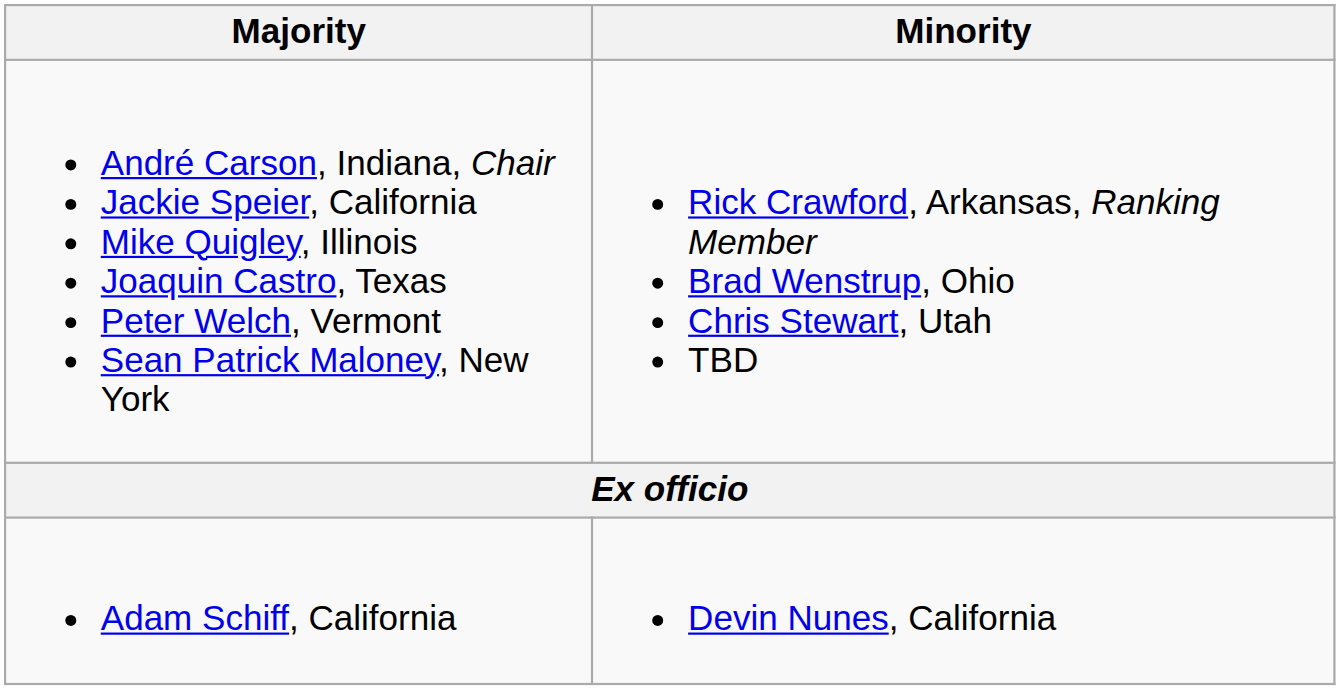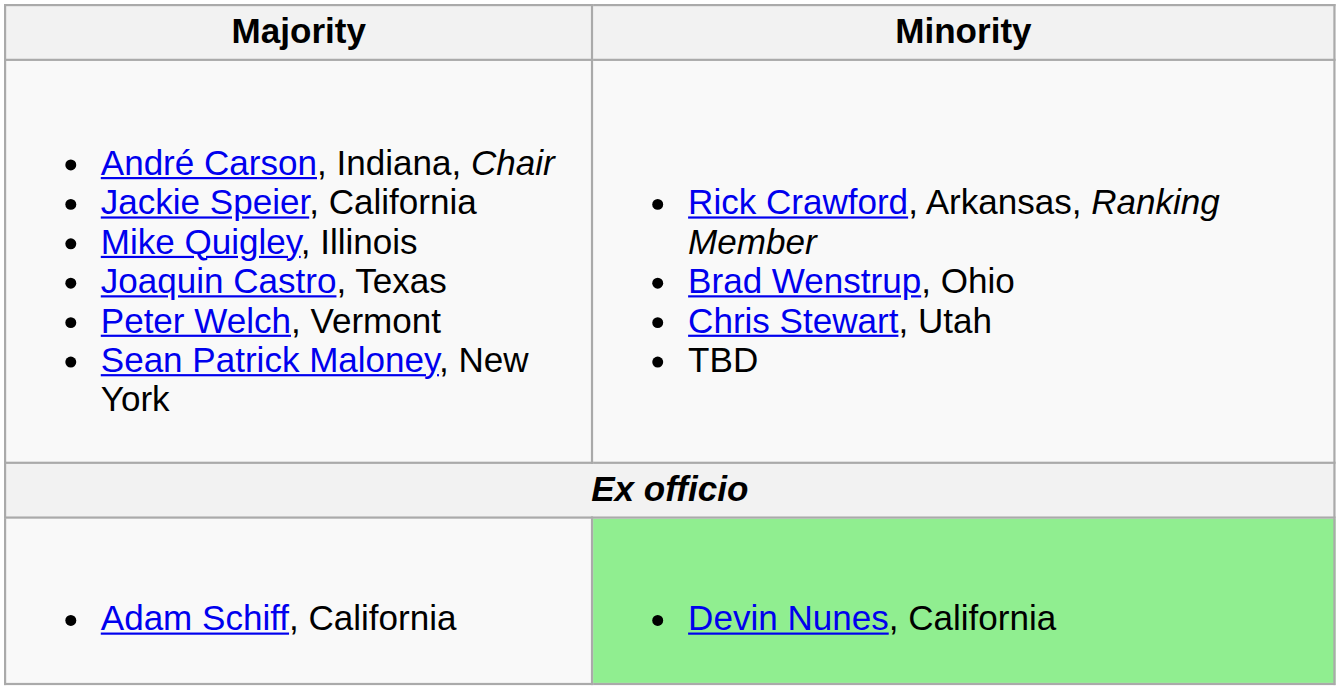 <table class=wikitable>
 <tr>
 <th>Majority</th>
 <th>Minority</th>
 </tr>
 <tr>
 <td><br><ul><li><a href='#'>André Carson</a>, Indiana, <em>Chair</em></li><li><a href='#'>Jackie Speier</a>, California</li><li><a href='#'>Mike Quigley</a>, Illinois</li><li><a href='#'>Joaquin Castro</a>, Texas</li><li><a href='#'>Peter Welch</a>, Vermont</li><li><a href='#'>Sean Patrick Maloney</a>, New York</li></ul></td>
 <td><br><ul><li><a href='#'>Rick Crawford</a>, Arkansas, <em>Ranking Member</em></li><li><a href='#'>Brad Wenstrup</a>, Ohio</li><li><a href='#'> Chris Stewart</a>, Utah</li><li>TBD</li></ul></td>
 </tr>
 <tr>
 <th colspan=2><em>Ex officio</em></th>
 </tr>
 <tr>
 <td><br><ul><li><a href='#'>Adam Schiff</a>, California</li></ul></td>
-<td><br><ul><li><a href='#'>Devin Nunes</a>, California</li></ul></td>
+<td style="background: lightgreen;"><br><ul><li><a href='#'>Devin Nunes</a>, California</li></ul></td>
 </tr>
 </table>
